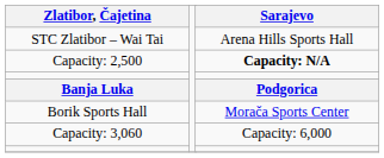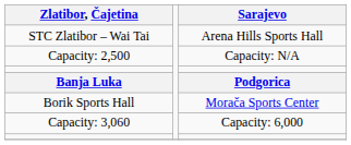 <table class="wikitable" style="margin:1em auto; text-align:center">
 <tr>
 <th width=200px><a href='#'>Zlatibor</a>, <a href='#'>Čajetina</a></th>
 <td colspan=2 rowspan=8></td>
 <th width=200px><a href='#'>Sarajevo</a></th>
 </tr>
 <tr>
 <td>STC Zlatibor – Wai Tai</td>
 <td>Arena Hills Sports Hall</td>
 </tr>
 <tr>
 <td>Capacity: 2,500</td>
-<td><strong>Capacity: N/A</strong></td>
+<td>Capacity: N/A</td>
 </tr>
 <tr>
 <td></td>
 <td></td>
 </tr>
 <tr>
 <th><a href='#'>Banja Luka</a></th>
 <th><a href='#'>Podgorica</a></th>
 </tr>
 <tr>
 <td>Borik Sports Hall</td>
 <td><a href='#'>Morača Sports Center</a></td>
 </tr>
 <tr>
 <td>Capacity: 3,060</td>
 <td>Capacity: 6,000</td>
 </tr>
 <tr>
 <td></td>
 <td></td>
 </tr>
 <tr>
 </tr>
 </table>
